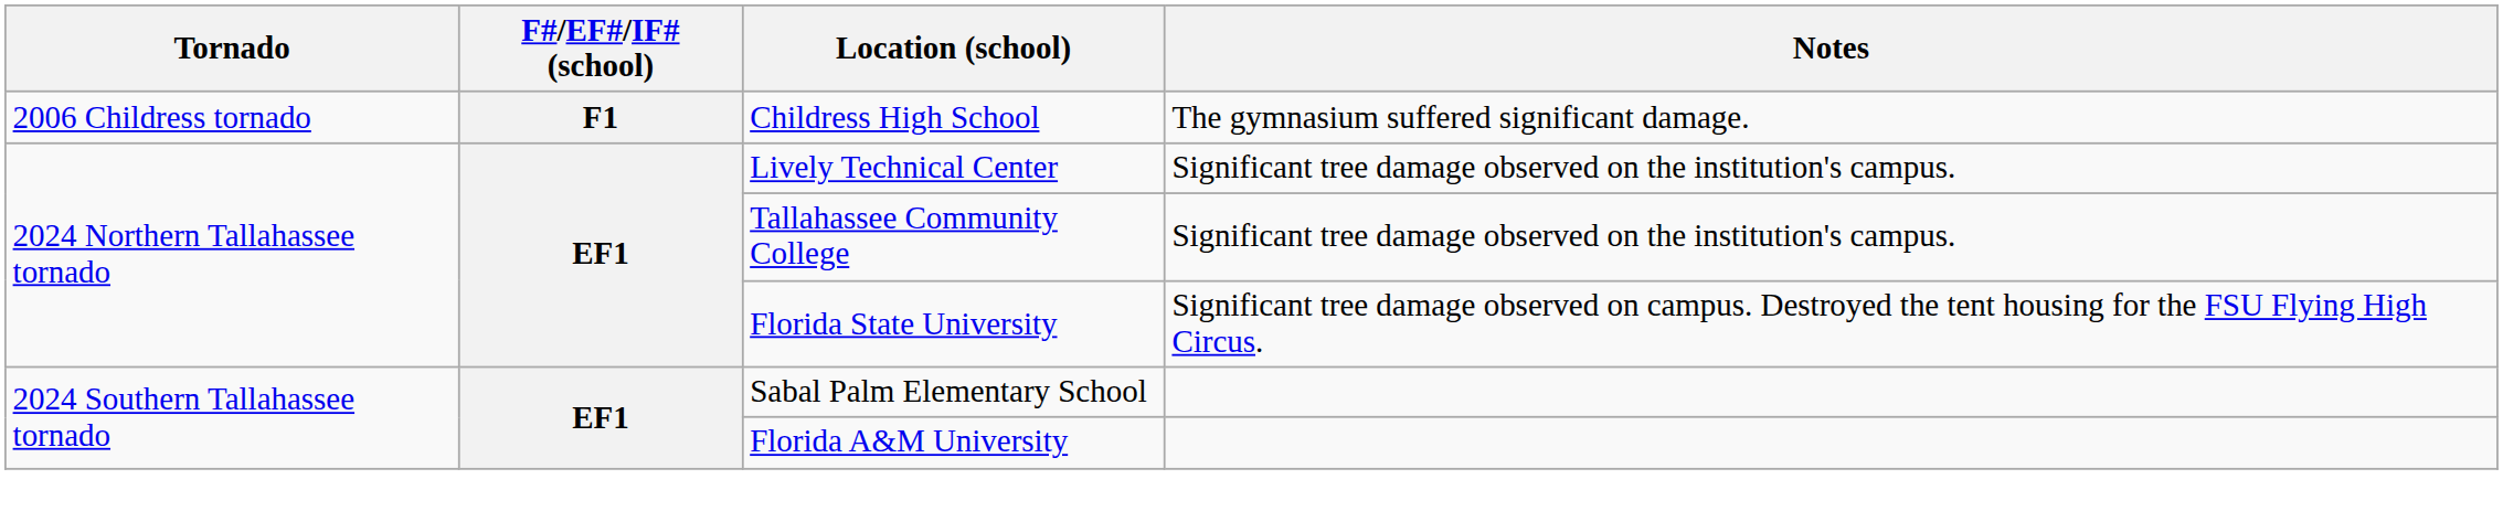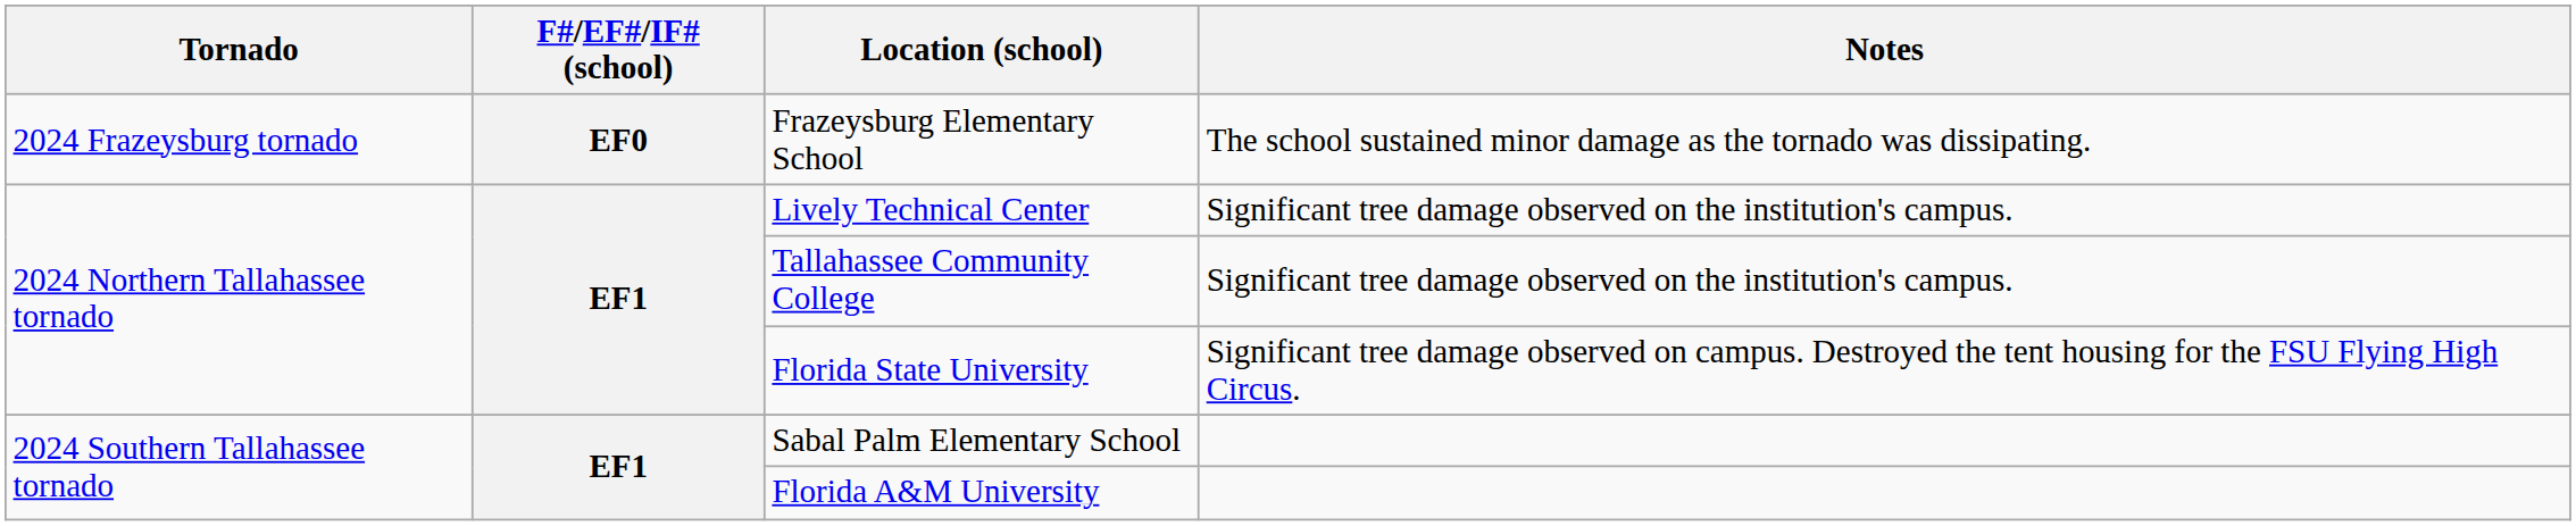 <table class="wikitable">
 <tr>
 <th>Tornado</th>
 <th><a href='#'>F#</a><strong>/</strong><a href='#'>EF#</a><strong>/</strong><a href='#'>IF#</a> (school)</th>
 <th>Location (school)</th>
 <th>Notes</th>
 </tr>
 <tr>
-<td scope="row" rowspan="1"><a href='#'>2006 Childress tornado</a></td>
-<th scope="row" rowspan="1" style="background-color:#">F1</th>
-<td><a href='#'>Childress High School</a></td>
-<td>The gymnasium suffered significant damage.</td>
+<td scope="row" rowspan="1"><a href='#'>2024 Frazeysburg tornado</a></td>
+<th scope="row" rowspan="1" style="background-color:#">EF0</th>
+<td>Frazeysburg Elementary School</td>
+<td>The school sustained minor damage as the tornado was dissipating.</td>
 </tr>
 <tr>
 <td scope="row" rowspan="3"><a href='#'>2024 Northern Tallahassee tornado</a></td>
 <th scope="row" rowspan="3" style="background-color:#">EF1</th>
 <td><a href='#'>Lively Technical Center</a></td>
 <td>Significant tree damage observed on the institution's campus.</td>
 </tr>
 <tr>
 <td><a href='#'>Tallahassee Community College</a></td>
 <td>Significant tree damage observed on the institution's campus.</td>
 </tr>
 <tr>
 <td><a href='#'>Florida State University</a></td>
 <td>Significant tree damage observed on campus. Destroyed the tent housing for the <a href='#'>FSU Flying High Circus</a>.</td>
 </tr>
 <tr>
 <td scope="row" rowspan="2"><a href='#'>2024 Southern Tallahassee tornado</a></td>
 <th scope="row" rowspan="2" style="background-color:#">EF1</th>
 <td>Sabal Palm Elementary School</td>
 <td></td>
 </tr>
 <tr>
 <td><a href='#'>Florida A&M University</a></td>
 <td></td>
 </tr>
 </table>
